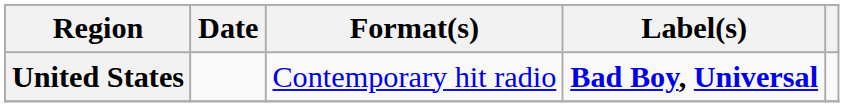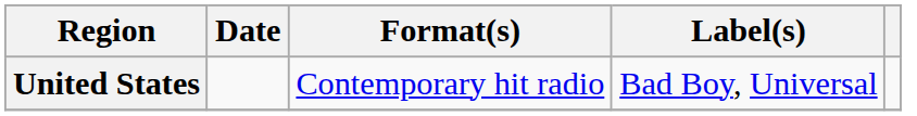 <table class="wikitable plainrowheaders" style="text-align:left">
 <tr>
 <th scope="col">Region</th>
 <th scope="col">Date</th>
 <th scope="col">Format(s)</th>
 <th scope="col">Label(s)</th>
 <th scope="col"></th>
 </tr>
 <tr>
 <th scope="row">United States</th>
 <td></td>
 <td><a href='#'>Contemporary hit radio</a></td>
-<td><strong><a href='#'>Bad Boy</a>, <a href='#'>Universal</a></strong></td>
+<td><a href='#'>Bad Boy</a>, <a href='#'>Universal</a></td>
 <td></td>
 </tr>
 <tr>
 </tr>
 </table>
